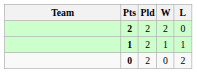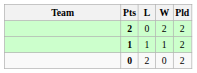 <table class=wikitable style="text-align:center; font-size:95%">
 <tr>
 <th width=175>Team</th>
 <th width=20>Pts</th>
+<th width=20>L</th>
+<th width=20>W</th>
 <th width=20>Pld</th>
-<th width=20>W</th>
-<th width=20>L</th>
 </tr>
 <tr bgcolor="#ccffcc">
 <td style="text-align:left"></td>
 <td><strong>2</strong></td>
+<td>0</td>
 <td>2</td>
 <td>2</td>
-<td>0</td>
 </tr>
 <tr bgcolor="#ccffcc">
 <td style="text-align:left"></td>
 <td><strong>1</strong></td>
-<td>2</td>
 <td>1</td>
 <td>1</td>
+<td>2</td>
 </tr>
 <tr>
 <td style="text-align:left"></td>
 <td><strong>0</strong></td>
 <td>2</td>
 <td>0</td>
 <td>2</td>
 </tr>
 </table>
